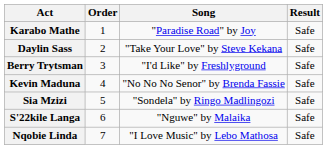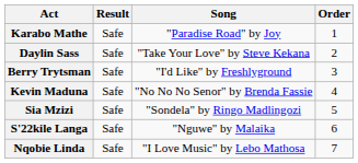 <table class="wikitable plainrowheaders" style="text-align:center;">
 <tr>
 <th scope"col">Act</th>
+<th scope"col">Result</th>
+<th scope"col">Song</th>
 <th scope"col">Order</th>
-<th scope"col">Song</th>
-<th scope"col">Result</th>
 </tr>
 <tr>
 <th scope=row>Karabo Mathe</th>
+<td>Safe</td>
+<td>"<a href='#'>Paradise Road</a>" by <a href='#'>Joy</a></td>
 <td>1</td>
-<td>"<a href='#'>Paradise Road</a>" by <a href='#'>Joy</a></td>
-<td>Safe</td>
 </tr>
 <tr>
 <th scope=row>Daylin Sass</th>
+<td>Safe</td>
+<td>"Take Your Love" by <a href='#'>Steve Kekana</a></td>
 <td>2</td>
-<td>"Take Your Love" by <a href='#'>Steve Kekana</a></td>
-<td>Safe</td>
 </tr>
 <tr>
 <th scope=row>Berry Trytsman</th>
+<td>Safe</td>
+<td>"I'd Like" by <a href='#'>Freshlyground</a></td>
 <td>3</td>
-<td>"I'd Like" by <a href='#'>Freshlyground</a></td>
-<td>Safe</td>
 </tr>
 <tr>
 <th scope=row>Kevin Maduna</th>
+<td>Safe</td>
+<td>"No No No Senor" by <a href='#'>Brenda Fassie</a></td>
 <td>4</td>
-<td>"No No No Senor" by <a href='#'>Brenda Fassie</a></td>
-<td>Safe</td>
 </tr>
 <tr>
 <th scope=row>Sia Mzizi</th>
+<td>Safe</td>
+<td>"Sondela" by <a href='#'>Ringo Madlingozi</a></td>
 <td>5</td>
-<td>"Sondela" by <a href='#'>Ringo Madlingozi</a></td>
-<td>Safe</td>
 </tr>
 <tr>
 <th scope=row>S'22kile Langa</th>
+<td>Safe</td>
+<td>"Nguwe" by <a href='#'>Malaika</a></td>
 <td>6</td>
-<td>"Nguwe" by <a href='#'>Malaika</a></td>
-<td>Safe</td>
 </tr>
 <tr>
 <th scope=row>Nqobie Linda</th>
+<td>Safe</td>
+<td>"I Love Music" by <a href='#'>Lebo Mathosa</a></td>
 <td>7</td>
-<td>"I Love Music" by <a href='#'>Lebo Mathosa</a></td>
-<td>Safe</td>
 </tr>
 </table>
